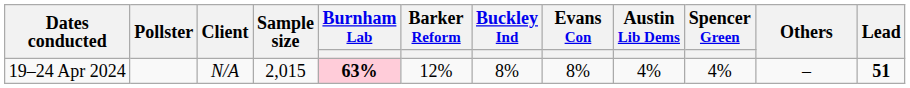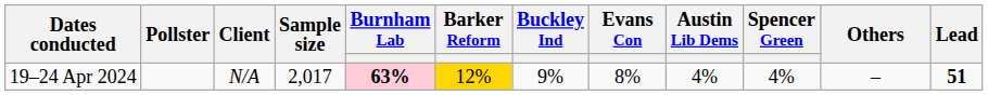 <table class="wikitable sortable mw-datatable" style="text-align:center;font-size:90%;line-height:14px;">
 <tr>
 <th rowspan="2">Dates<br>conducted</th>
 <th rowspan="2">Pollster</th>
 <th rowspan="2">Client</th>
 <th rowspan="2" data-sort-type="number">Sample<br>size</th>
 <th style="width:50px;"><a href='#'>Burnham</a><br><small><a href='#'>Lab</a></small></th>
 <th style="width:50px;">Barker<br><small><a href='#'>Reform</a></small></th>
 <th style="width:50px;"><a href='#'>Buckley</a><br><small><a href='#'>Ind</a></small></th>
 <th style="width:50px;">Evans<br><small><a href='#'>Con</a></small></th>
 <th style="width:50px;">Austin<br><small><a href='#'>Lib Dems</a></small></th>
 <th style="width:50px;">Spencer<br><small><a href='#'>Green</a></small></th>
 <th rowspan="2" class="unsortable" style="width:75px;">Others</th>
 <th rowspan="2" data-sort-type="number">Lead</th>
 </tr>
 <tr>
 <th data-sort-type="number" style="background:"></th>
 <th data-sort-type="number" style="background:"></th>
 <th data-sort-type="number" style="background:"></th>
 <th data-sort-type="number" style="background:"></th>
 <th data-sort-type="number" style="background:"></th>
 <th data-sort-type="number" style="background:"></th>
 </tr>
 <tr>
 <td>19–24 Apr 2024</td>
 <td></td>
 <td><em>N/A</em></td>
-<td>2,015</td>
+<td>2,017</td>
 <td style="background:#FFCCD9;"><strong>63%</strong></td>
-<td>12%</td>
-<td>8%</td>
+<td style="background: gold;">12%</td>
+<td>9%</td>
 <td>8%</td>
 <td>4%</td>
 <td>4%</td>
 <td>–</td>
 <td style="background:"><strong>51</strong></td>
 </tr>
 </table>
